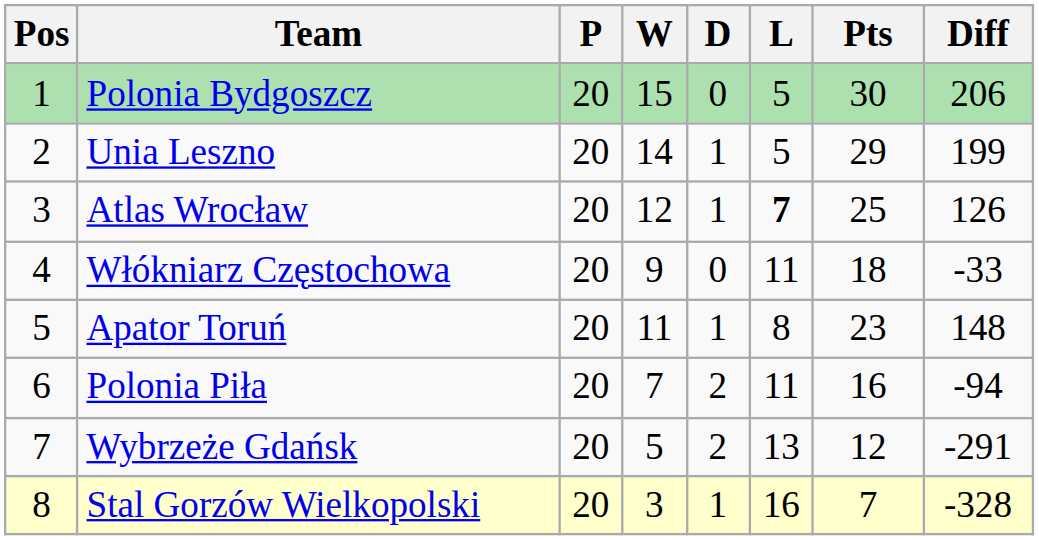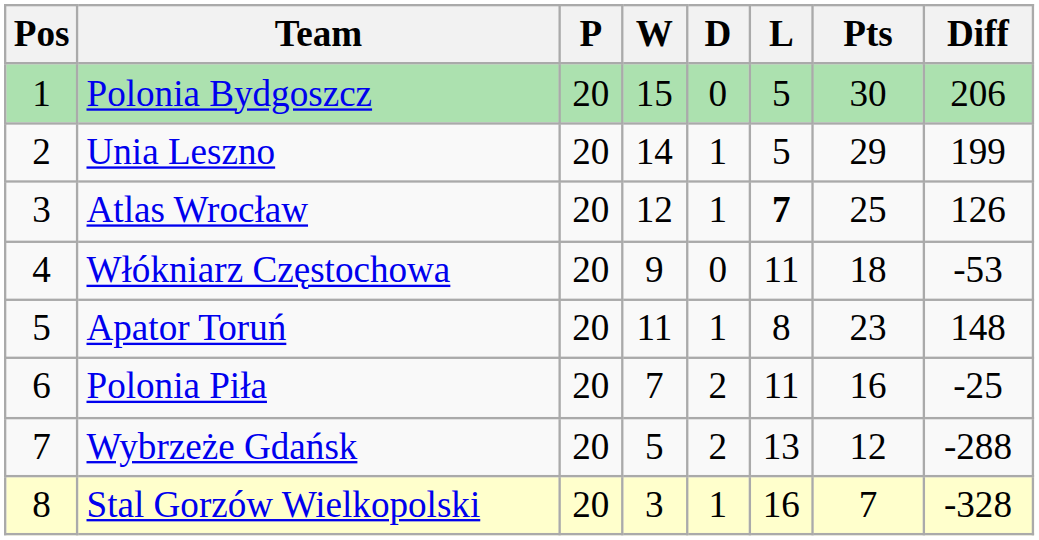 <table class="wikitable" style="font-size: 100%">
 <tr>
 <th width=20>Pos</th>
 <th width=200>Team</th>
 <th width=20>P</th>
 <th width=20>W</th>
 <th width=20>D</th>
 <th width=20>L</th>
 <th width=40>Pts</th>
 <th width=40>Diff</th>
 </tr>
 <tr align=center style="background:#ACE1AF;">
 <td>1</td>
 <td align="left"><a href='#'>Polonia Bydgoszcz</a></td>
 <td>20</td>
 <td>15</td>
 <td>0</td>
 <td>5</td>
 <td>30</td>
 <td>206</td>
 </tr>
 <tr align=center>
 <td>2</td>
 <td align="left"><a href='#'>Unia Leszno</a></td>
 <td>20</td>
 <td>14</td>
 <td>1</td>
 <td>5</td>
 <td>29</td>
 <td>199</td>
 </tr>
 <tr align=center>
 <td>3</td>
 <td align="left"><a href='#'>Atlas Wrocław</a></td>
 <td>20</td>
 <td>12</td>
 <td>1</td>
 <td><strong>7</strong></td>
 <td>25</td>
 <td>126</td>
 </tr>
 <tr align=center>
 <td>4</td>
 <td align="left"><a href='#'>Włókniarz Częstochowa</a></td>
 <td>20</td>
 <td>9</td>
 <td>0</td>
 <td>11</td>
 <td>18</td>
-<td>-33</td>
+<td>-53</td>
 </tr>
 <tr align=center>
 <td>5</td>
 <td align="left"><a href='#'>Apator Toruń</a></td>
 <td>20</td>
 <td>11</td>
 <td>1</td>
 <td>8</td>
 <td>23</td>
 <td>148</td>
 </tr>
 <tr align=center>
 <td>6</td>
 <td align="left"><a href='#'>Polonia Piła</a></td>
 <td>20</td>
 <td>7</td>
 <td>2</td>
 <td>11</td>
 <td>16</td>
-<td>-94</td>
+<td>-25</td>
 </tr>
 <tr align=center>
 <td>7</td>
 <td align="left"><a href='#'>Wybrzeże Gdańsk</a></td>
 <td>20</td>
 <td>5</td>
 <td>2</td>
 <td>13</td>
 <td>12</td>
-<td>-291</td>
+<td>-288</td>
 </tr>
 <tr align=center style="background: #ffffcc;">
 <td>8</td>
 <td align="left"><a href='#'>Stal Gorzów Wielkopolski</a></td>
 <td>20</td>
 <td>3</td>
 <td>1</td>
 <td>16</td>
 <td>7</td>
 <td>-328</td>
 </tr>
 </table>
